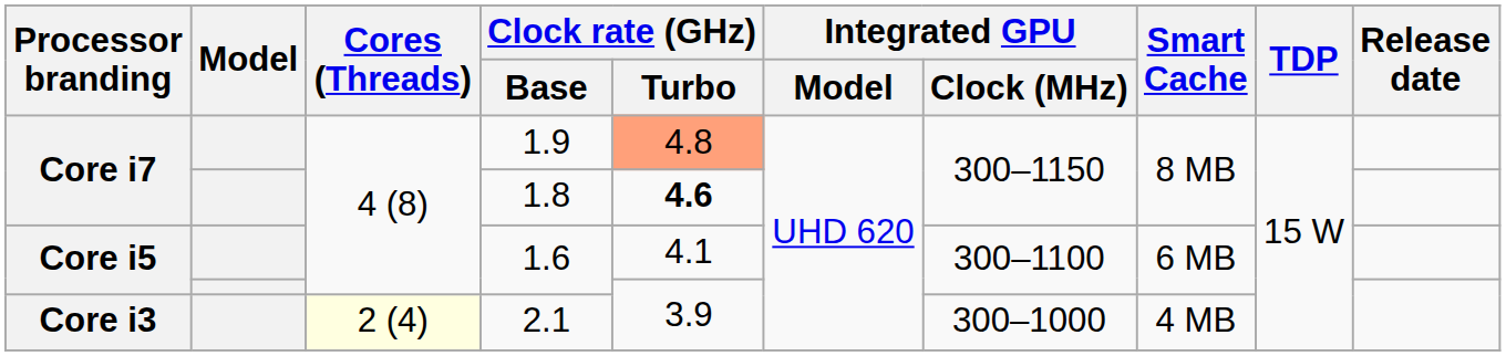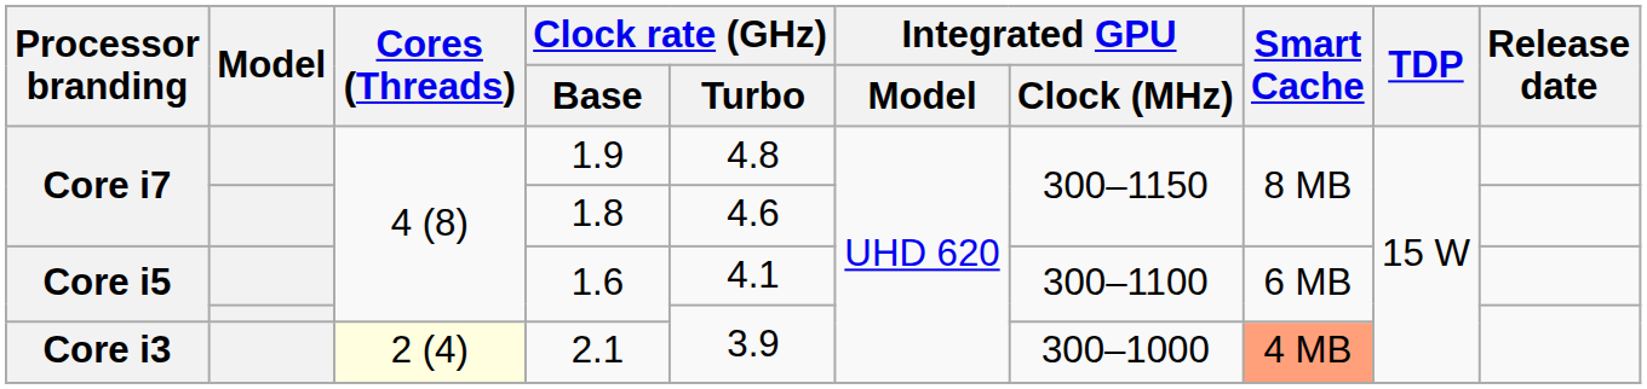 <table class="wikitable sortable nowrap" style="text-align: center;">
 <tr>
 <th class="unsortable" rowspan="2">Processor<br>branding</th>
 <th rowspan="2">Model</th>
 <th class="unsortable" rowspan="2"><a href='#'>Cores</a><br>(<a href='#'>Threads</a>)</th>
 <th colspan="2"><a href='#'>Clock rate</a> (GHz)</th>
 <th colspan="2">Integrated <a href='#'>GPU</a></th>
 <th class="unsortable" rowspan="2"><a href='#'>Smart<br>Cache</a></th>
 <th rowspan="2"><a href='#'>TDP</a></th>
 <th rowspan="2">Release<br>date</th>
 </tr>
 <tr>
 <th class="unsortable">Base</th>
 <th class="unsortable">Turbo</th>
 <th class="unsortable">Model</th>
 <th class="unsortable">Clock (MHz)</th>
 </tr>
 <tr>
 <th rowspan=2>Core i7</th>
 <th style="text-align:left;" data-sort-value="sku5"></th>
 <td rowspan=4>4 (8)</td>
 <td>1.9</td>
-<td style="background: lightsalmon;">4.8</td>
+<td>4.8</td>
 <td rowspan=5><a href='#'>UHD 620</a></td>
 <td rowspan=2>300–1150</td>
 <td rowspan=2>8 MB</td>
 <td rowspan=5>15 W</td>
 <td></td>
 </tr>
 <tr>
 <th style="text-align:left;" data-sort-value="sku4"></th>
 <td>1.8</td>
-<td><strong>4.6</strong></td>
+<td>4.6</td>
 <td></td>
 </tr>
 <tr>
 <th rowspan=2>Core i5</th>
 <th style="text-align:left;" data-sort-value="sku3"></th>
 <td rowspan=2>1.6</td>
 <td>4.1</td>
 <td rowspan=2>300–1100</td>
 <td rowspan=2>6 MB</td>
 <td></td>
 </tr>
 <tr>
 <th style="text-align:left;" data-sort-value="sku2"></th>
 <td rowspan=2>3.9</td>
 <td rowspan=2></td>
 </tr>
 <tr>
 <th rowspan=1>Core i3</th>
 <th style="text-align:left;" data-sort-value="sku1"></th>
 <td style="background: lightyellow;">2 (4)</td>
 <td>2.1</td>
 <td>300–1000</td>
-<td>4 MB</td>
+<td style="background: lightsalmon;">4 MB</td>
 </tr>
 </table>
